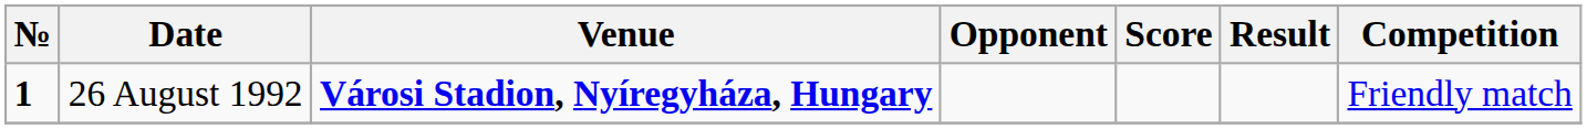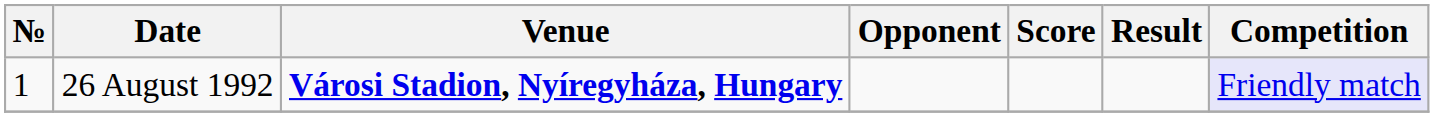 <table class="wikitable">
 <tr>
 <th>№</th>
 <th>Date</th>
 <th>Venue</th>
 <th>Opponent</th>
 <th>Score</th>
 <th>Result</th>
 <th>Competition</th>
 </tr>
 <tr>
-<td><strong>1</strong></td>
+<td>1</td>
 <td>26 August 1992</td>
 <td><strong><a href='#'>Városi Stadion</a>, <a href='#'>Nyíregyháza</a>, <a href='#'>Hungary</a></strong></td>
 <td></td>
 <td></td>
 <td></td>
-<td><a href='#'>Friendly match</a></td>
+<td style="background: lavender;"><a href='#'>Friendly match</a></td>
 </tr>
 <tr>
 </tr>
 </table>
